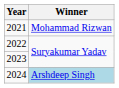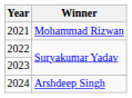 <table class="wikitable">
 <tr>
 <th>Year</th>
 <th>Winner</th>
 </tr>
 <tr>
 <td>2021</td>
 <td> <a href='#'>Mohammad Rizwan</a></td>
 </tr>
 <tr>
 <td>2022</td>
 <td rowspan=2> <a href='#'>Suryakumar Yadav</a></td>
 </tr>
 <tr>
 <td>2023</td>
 </tr>
 <tr>
 <td>2024</td>
-<td style="background: lightblue;"> <a href='#'>Arshdeep Singh</a></td>
+<td> <a href='#'>Arshdeep Singh</a></td>
 </tr>
 </table>
